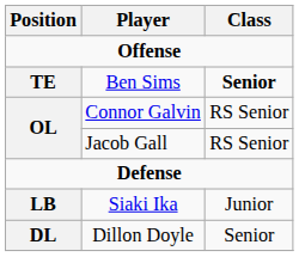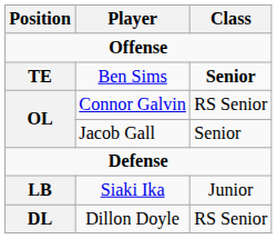 <table class="wikitable">
 <tr>
 <th>Position</th>
 <th>Player</th>
 <th>Class</th>
 </tr>
 <tr>
 <td colspan="4" style="text-align:center; "><strong>Offense</strong></td>
 </tr>
 <tr style="text-align:center;">
 <th rowspan="1">TE</th>
 <td><a href='#'>Ben Sims</a></td>
 <td><strong>Senior</strong></td>
 </tr>
 <tr style="text-align:center;">
 <th rowspan="2">OL</th>
 <td><a href='#'>Connor Galvin</a></td>
 <td>RS Senior</td>
 </tr>
 <tr>
 <td>Jacob Gall</td>
-<td>RS Senior</td>
+<td>Senior</td>
 </tr>
 <tr>
 <td colspan="4" style="text-align:center; "><strong>Defense</strong></td>
 </tr>
 <tr style="text-align:center;">
 <th rowspan="1">LB</th>
 <td><a href='#'>Siaki Ika</a></td>
 <td>Junior</td>
 </tr>
 <tr style="text-align:center;">
 <th rowspan="1">DL</th>
 <td>Dillon Doyle</td>
-<td>Senior</td>
+<td>RS Senior</td>
 </tr>
 <tr>
 </tr>
 </table>
